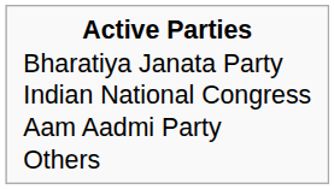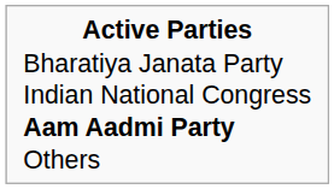 <table style="float; margin-left: 1em; margin-bottom: 0.5em" class="infobox">
 <tr>
 <td style="text-align: center"><span><strong>Active Parties</strong></span></td>
 </tr>
 <tr>
 <td style="padding: 0 5px;"> Bharatiya Janata Party</td>
 </tr>
 <tr>
 <td style="padding: 0 5px;"> Indian National Congress</td>
 </tr>
 <tr>
-<td style="padding: 0 5px;"> Aam Aadmi Party</td>
+<td style="padding: 0 5px;"><strong> Aam Aadmi Party</strong></td>
 </tr>
 <tr>
 <td style="padding: 0 5px;"> Others<br></td>
 </tr>
 </table>
